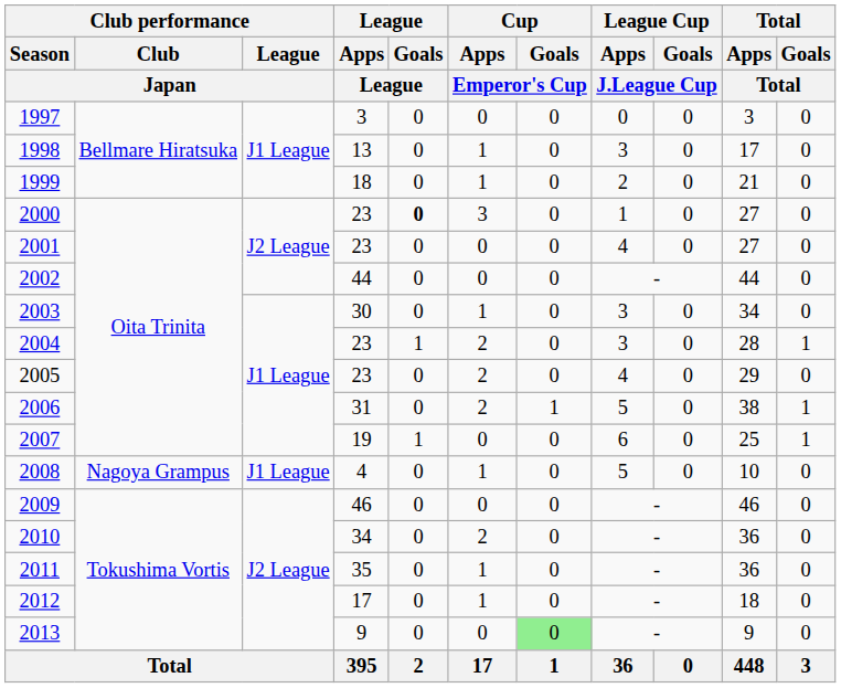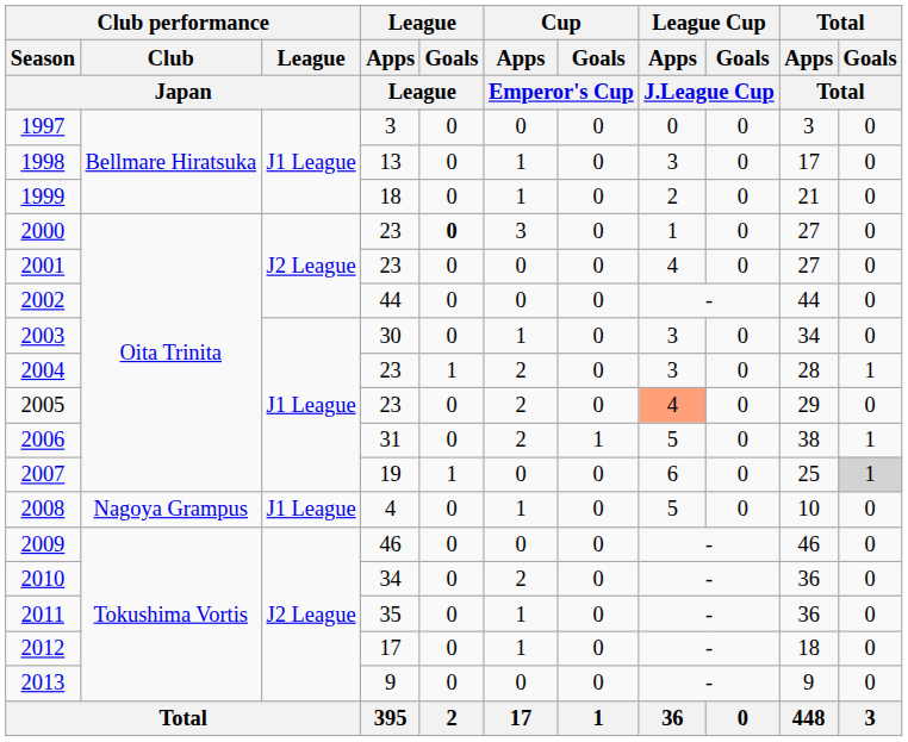 <table class="wikitable" style="text-align:center;">
 <tr>
 <th colspan=3>Club performance</th>
 <th colspan=2>League</th>
 <th colspan=2>Cup</th>
 <th colspan=2>League Cup</th>
 <th colspan=2>Total</th>
 </tr>
 <tr>
 <th>Season</th>
 <th>Club</th>
 <th>League</th>
 <th>Apps</th>
 <th>Goals</th>
 <th>Apps</th>
 <th>Goals</th>
 <th>Apps</th>
 <th>Goals</th>
 <th>Apps</th>
 <th>Goals</th>
 </tr>
 <tr>
 <th colspan=3>Japan</th>
 <th colspan=2>League</th>
 <th colspan=2><a href='#'>Emperor's Cup</a></th>
 <th colspan=2><a href='#'>J.League Cup</a></th>
 <th colspan=2>Total</th>
 </tr>
 <tr>
 <td><a href='#'>1997</a></td>
 <td rowspan="3"><a href='#'>Bellmare Hiratsuka</a></td>
 <td rowspan="3"><a href='#'>J1 League</a></td>
 <td>3</td>
 <td>0</td>
 <td>0</td>
 <td>0</td>
 <td>0</td>
 <td>0</td>
 <td>3</td>
 <td>0</td>
 </tr>
 <tr>
 <td><a href='#'>1998</a></td>
 <td>13</td>
 <td>0</td>
 <td>1</td>
 <td>0</td>
 <td>3</td>
 <td>0</td>
 <td>17</td>
 <td>0</td>
 </tr>
 <tr>
 <td><a href='#'>1999</a></td>
 <td>18</td>
 <td>0</td>
 <td>1</td>
 <td>0</td>
 <td>2</td>
 <td>0</td>
 <td>21</td>
 <td>0</td>
 </tr>
 <tr>
 <td><a href='#'>2000</a></td>
 <td rowspan="8"><a href='#'>Oita Trinita</a></td>
 <td rowspan="3"><a href='#'>J2 League</a></td>
 <td>23</td>
 <td><strong>0</strong></td>
 <td>3</td>
 <td>0</td>
 <td>1</td>
 <td>0</td>
 <td>27</td>
 <td>0</td>
 </tr>
 <tr>
 <td><a href='#'>2001</a></td>
 <td>23</td>
 <td>0</td>
 <td>0</td>
 <td>0</td>
 <td>4</td>
 <td>0</td>
 <td>27</td>
 <td>0</td>
 </tr>
 <tr>
 <td><a href='#'>2002</a></td>
 <td>44</td>
 <td>0</td>
 <td>0</td>
 <td>0</td>
 <td colspan="2">-</td>
 <td>44</td>
 <td>0</td>
 </tr>
 <tr>
 <td><a href='#'>2003</a></td>
 <td rowspan="5"><a href='#'>J1 League</a></td>
 <td>30</td>
 <td>0</td>
 <td>1</td>
 <td>0</td>
 <td>3</td>
 <td>0</td>
 <td>34</td>
 <td>0</td>
 </tr>
 <tr>
 <td><a href='#'>2004</a></td>
 <td>23</td>
 <td>1</td>
 <td>2</td>
 <td>0</td>
 <td>3</td>
 <td>0</td>
 <td>28</td>
 <td>1</td>
 </tr>
 <tr>
 <td>2005</td>
 <td>23</td>
 <td>0</td>
 <td>2</td>
 <td>0</td>
-<td>4</td>
+<td style="background: lightsalmon;">4</td>
 <td>0</td>
 <td>29</td>
 <td>0</td>
 </tr>
 <tr>
 <td><a href='#'>2006</a></td>
 <td>31</td>
 <td>0</td>
 <td>2</td>
 <td>1</td>
 <td>5</td>
 <td>0</td>
 <td>38</td>
 <td>1</td>
 </tr>
 <tr>
 <td><a href='#'>2007</a></td>
 <td>19</td>
 <td>1</td>
 <td>0</td>
 <td>0</td>
 <td>6</td>
 <td>0</td>
 <td>25</td>
-<td>1</td>
+<td style="background: lightgrey;">1</td>
 </tr>
 <tr>
 <td><a href='#'>2008</a></td>
 <td><a href='#'>Nagoya Grampus</a></td>
 <td><a href='#'>J1 League</a></td>
 <td>4</td>
 <td>0</td>
 <td>1</td>
 <td>0</td>
 <td>5</td>
 <td>0</td>
 <td>10</td>
 <td>0</td>
 </tr>
 <tr>
 <td><a href='#'>2009</a></td>
 <td rowspan="5"><a href='#'>Tokushima Vortis</a></td>
 <td rowspan="5"><a href='#'>J2 League</a></td>
 <td>46</td>
 <td>0</td>
 <td>0</td>
 <td>0</td>
 <td colspan="2">-</td>
 <td>46</td>
 <td>0</td>
 </tr>
 <tr>
 <td><a href='#'>2010</a></td>
 <td>34</td>
 <td>0</td>
 <td>2</td>
 <td>0</td>
 <td colspan="2">-</td>
 <td>36</td>
 <td>0</td>
 </tr>
 <tr>
 <td><a href='#'>2011</a></td>
 <td>35</td>
 <td>0</td>
 <td>1</td>
 <td>0</td>
 <td colspan="2">-</td>
 <td>36</td>
 <td>0</td>
 </tr>
 <tr>
 <td><a href='#'>2012</a></td>
 <td>17</td>
 <td>0</td>
 <td>1</td>
 <td>0</td>
 <td colspan="2">-</td>
 <td>18</td>
 <td>0</td>
 </tr>
 <tr>
 <td><a href='#'>2013</a></td>
 <td>9</td>
 <td>0</td>
 <td>0</td>
-<td style="background: lightgreen;">0</td>
+<td>0</td>
 <td colspan="2">-</td>
 <td>9</td>
 <td>0</td>
 </tr>
 <tr>
 <th colspan=3>Total</th>
 <th>395</th>
 <th>2</th>
 <th>17</th>
 <th>1</th>
 <th>36</th>
 <th>0</th>
 <th>448</th>
 <th>3</th>
 </tr>
 </table>
